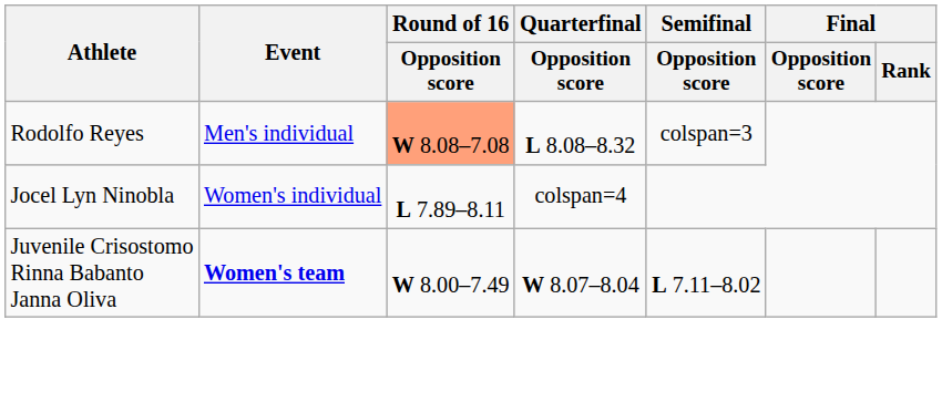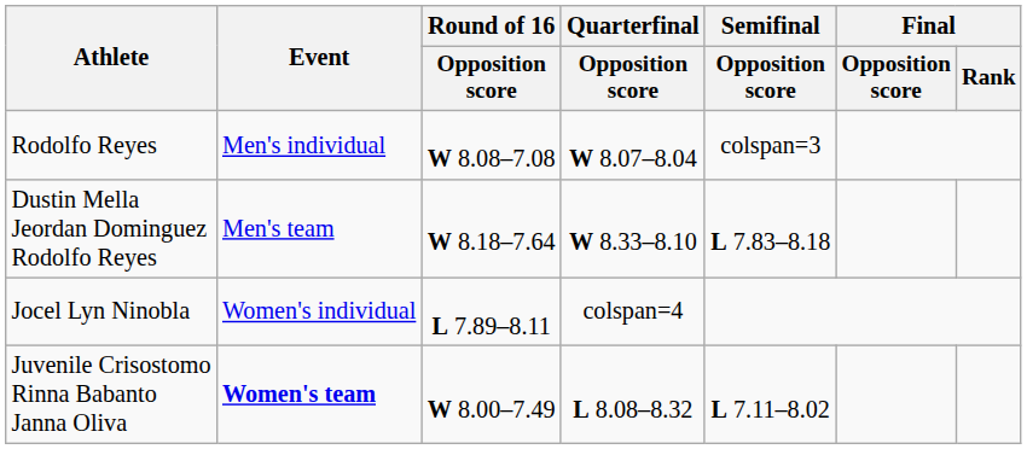 <table class=wikitable style="font-size:90%; text-align:center">
 <tr>
 <th rowspan=2>Athlete</th>
 <th rowspan=2>Event</th>
 <th>Round of 16</th>
 <th>Quarterfinal</th>
 <th>Semifinal</th>
 <th colspan=2>Final</th>
 </tr>
 <tr style=font-size:95%>
 <th>Opposition<br>score</th>
 <th>Opposition<br>score</th>
 <th>Opposition<br>score</th>
 <th>Opposition<br>score</th>
 <th>Rank</th>
 </tr>
 <tr>
 <td align=left>Rodolfo Reyes</td>
 <td align=left><a href='#'>Men's individual</a></td>
-<td style="background: lightsalmon;"><br><strong>W</strong> 8.08–7.08</td>
-<td><br><strong>L</strong> 8.08–8.32</td>
+<td><br><strong>W</strong> 8.08–7.08</td>
+<td><br><strong>W</strong> 8.07–8.04</td>
 <td>colspan=3</td>
+</tr>
+<tr>
+<td align=left>Dustin Mella<br>Jeordan Dominguez<br>Rodolfo Reyes</td>
+<td align=left><a href='#'>Men's team</a></td>
+<td><br><strong>W</strong> 8.18–7.64</td>
+<td><br><strong>W</strong> 8.33–8.10</td>
+<td><br><strong>L</strong> 7.83–8.18</td>
+<td></td>
+<td></td>
 </tr>
 <tr>
 <td align=left>Jocel Lyn Ninobla</td>
 <td align=left><a href='#'>Women's individual</a></td>
 <td><br><strong>L</strong> 7.89–8.11</td>
 <td>colspan=4</td>
 </tr>
 <tr>
 <td align=left>Juvenile Crisostomo<br>Rinna Babanto<br>Janna Oliva</td>
 <td align=left><strong><a href='#'>Women's team</a></strong></td>
 <td><br><strong>W</strong> 8.00–7.49</td>
-<td><br><strong>W</strong> 8.07–8.04</td>
+<td><br><strong>L</strong> 8.08–8.32</td>
 <td><br><strong>L</strong> 7.11–8.02</td>
 <td></td>
 <td></td>
 </tr>
 </table>
